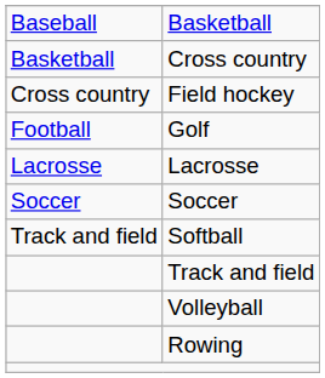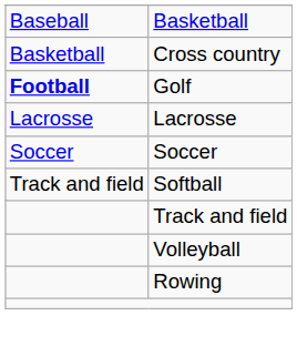 <table class="wikitable" style="float:right; clear:right; margin:0 0 1em 1em;">
 <tr>
 </tr>
 <tr>
 <td><a href='#'>Baseball</a></td>
 <td><a href='#'>Basketball</a></td>
 </tr>
 <tr>
 <td><a href='#'>Basketball</a></td>
 <td>Cross country</td>
 </tr>
 <tr>
-<td>Cross country</td>
-<td>Field hockey</td>
-</tr>
-<tr>
-<td><a href='#'>Football</a></td>
+<td><strong><a href='#'>Football</a></strong></td>
 <td>Golf</td>
 </tr>
 <tr>
 <td><a href='#'>Lacrosse</a></td>
 <td>Lacrosse</td>
 </tr>
 <tr>
 <td><a href='#'>Soccer</a></td>
 <td>Soccer</td>
 </tr>
 <tr>
 <td>Track and field</td>
 <td>Softball</td>
 </tr>
 <tr>
 <td></td>
 <td>Track and field</td>
 </tr>
 <tr>
 <td></td>
 <td>Volleyball</td>
 </tr>
 <tr>
 <td></td>
 <td>Rowing</td>
 </tr>
 <tr>
 <td colspan="2"></td>
 </tr>
 </table>
